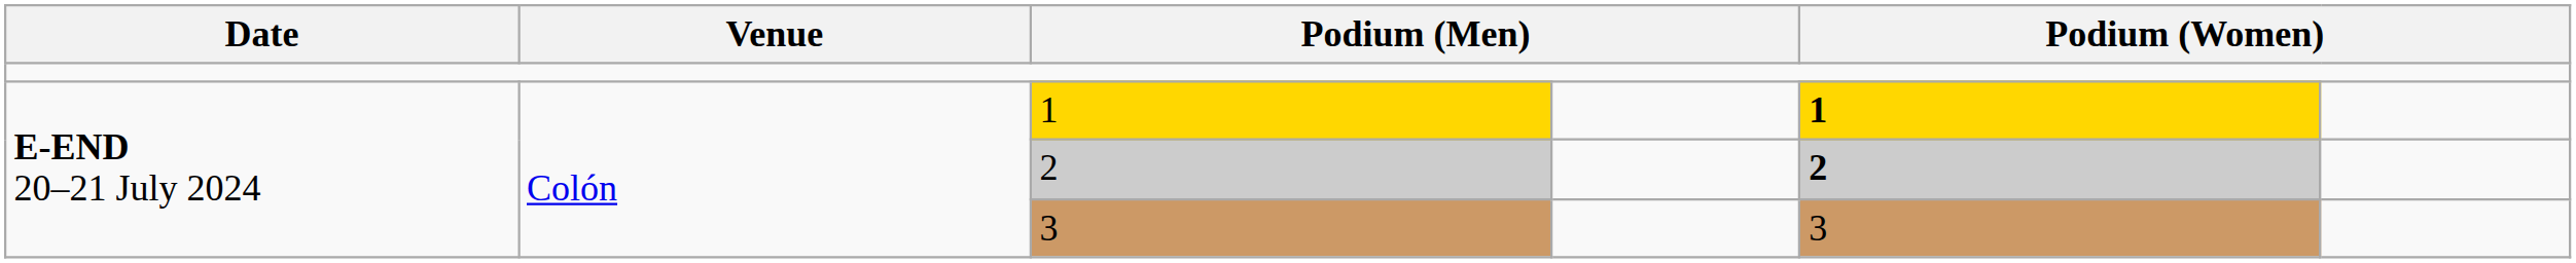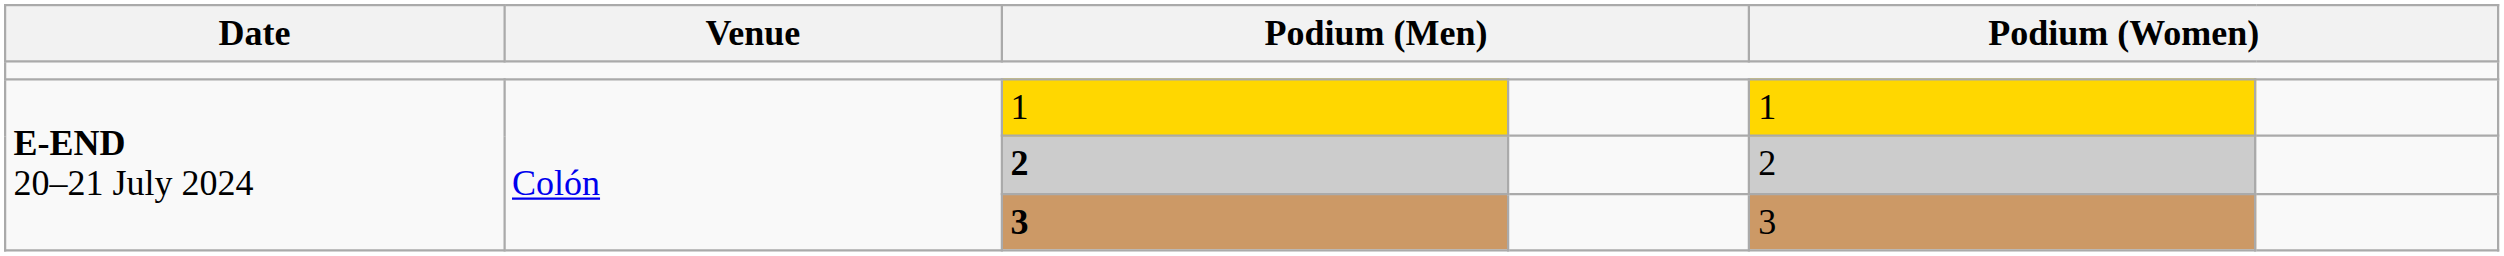 <table class="wikitable" width=70%>
 <tr>
 <th>Date</th>
 <th width=20%>Venue</th>
 <th colspan=2 width=30%>Podium (Men)</th>
 <th colspan=2 width=30%>Podium (Women)</th>
 </tr>
 <tr>
 <td colspan=6></td>
 </tr>
 <tr>
 <td rowspan=3><strong>E-END</strong> <br> 20–21 July 2024</td>
 <td rowspan=3><br><a href='#'>Colón</a></td>
 <td bgcolor=FFD700>1</td>
 <td></td>
-<td bgcolor=FFD700><strong>1</strong></td>
+<td bgcolor=FFD700>1</td>
 <td></td>
 </tr>
 <tr>
+<td bgcolor=CCCCCC><strong>2</strong></td>
+<td></td>
 <td bgcolor=CCCCCC>2</td>
-<td></td>
-<td bgcolor=CCCCCC><strong>2</strong></td>
 <td></td>
 </tr>
 <tr>
-<td bgcolor=CC9966>3</td>
+<td bgcolor=CC9966><strong>3</strong></td>
 <td></td>
 <td bgcolor=CC9966>3</td>
 <td></td>
 </tr>
 </table>
